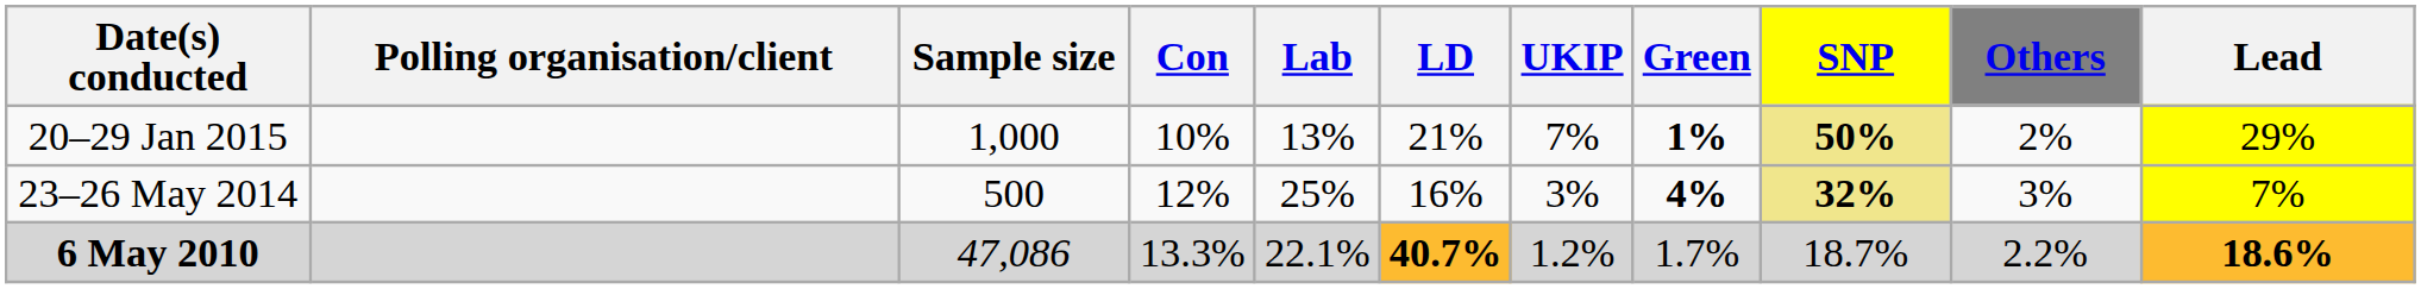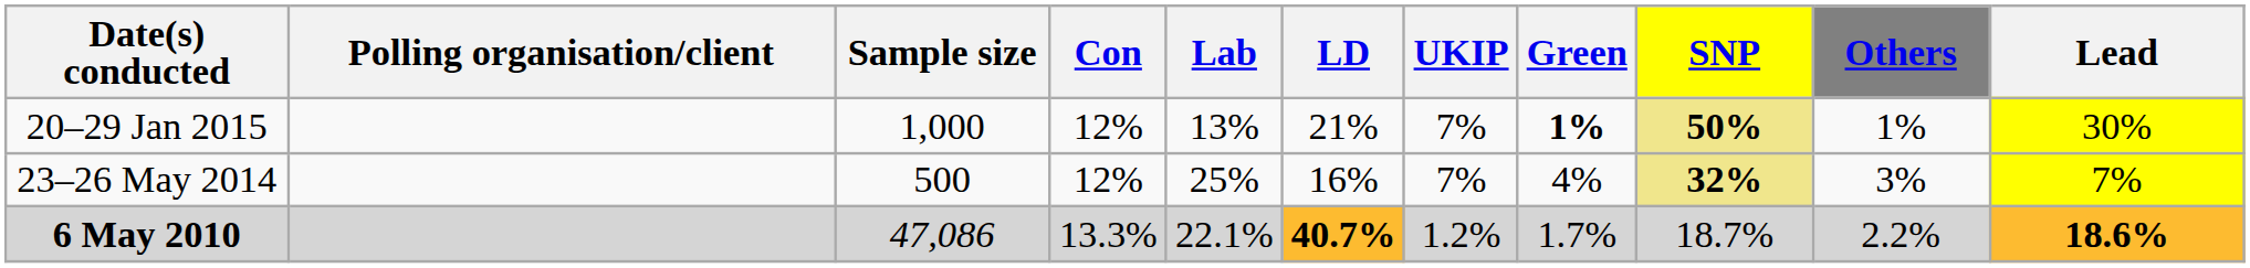 <table class="wikitable sortable" style="text-align:center;font-size:90%;line-height:14px">
 <tr>
 <th ! style="width:100px;">Date(s)<br>conducted</th>
 <th style="width:200px;">Polling organisation/client</th>
 <th class="unsortable" style="width:75px;">Sample size</th>
 <th class="unsortable" style="background:"><a href='#'><span>Con</span></a></th>
 <th class="unsortable" style="background:"><a href='#'><span>Lab</span></a></th>
 <th class="unsortable" style="background:"><a href='#'><span>LD</span></a></th>
 <th class="unsortable" style="background:"><a href='#'><span>UKIP</span></a></th>
 <th class="unsortable" style="background:"><a href='#'><span>Green</span></a></th>
 <th class="unsortable" style="background:#ffff00; width:60px;"><a href='#'><span>SNP</span></a></th>
 <th class="unsortable" style="background:gray; width:60px;"><a href='#'><span>Others</span></a></th>
 <th class="unsortable" style="width:90px;">Lead</th>
 </tr>
 <tr>
 <td>20–29 Jan 2015</td>
 <td> </td>
 <td>1,000</td>
-<td>10%</td>
+<td>12%</td>
 <td>13%</td>
 <td>21%</td>
 <td>7%</td>
 <td><strong>1%</strong></td>
 <td style="background:khaki"><strong>50%</strong></td>
-<td>2%</td>
-<td style="background:#ff0"><span>29% </span></td>
+<td>1%</td>
+<td style="background:#ff0"><span>30% </span></td>
 </tr>
 <tr>
 <td>23–26 May 2014</td>
 <td> </td>
 <td>500</td>
 <td>12%</td>
 <td>25%</td>
 <td>16%</td>
-<td>3%</td>
-<td><strong>4%</strong></td>
+<td>7%</td>
+<td>4%</td>
 <td style="background:khaki"><strong>32%</strong></td>
 <td>3%</td>
 <td style="background:#ff0"><span>7% </span></td>
 </tr>
 <tr>
 <td style="background:#D5D5D5"><strong>6 May 2010</strong></td>
 <td style="background:#D5D5D5"></td>
 <td style="background:#D5D5D5"><em>47,086</em></td>
 <td style="background:#D5D5D5">13.3%</td>
 <td style="background:#D5D5D5">22.1%</td>
 <td style="background:#fdbb30"><strong>40.7%</strong></td>
 <td style="background:#D5D5D5">1.2%</td>
 <td style="background:#D5D5D5">1.7%</td>
 <td style="background:#D5D5D5">18.7%</td>
 <td style="background:#D5D5D5">2.2%</td>
 <td style="background:#fdbb30"><span><strong>18.6% </strong></span></td>
 </tr>
 </table>
